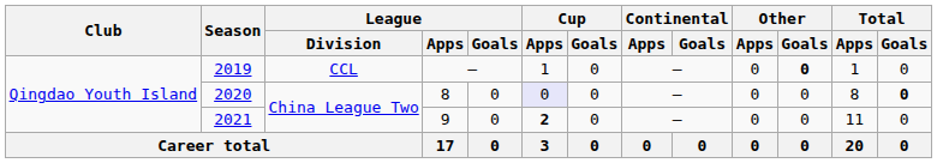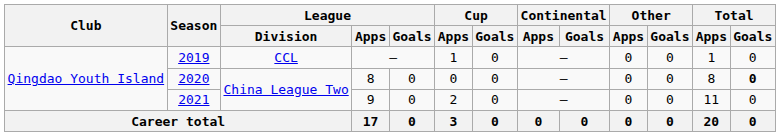 <table class="wikitable" style="text-align: center">
 <tr>
 <th rowspan="2">Club</th>
 <th rowspan="2">Season</th>
 <th colspan="3">League</th>
 <th colspan="2">Cup</th>
 <th colspan="2">Continental</th>
 <th colspan="2">Other</th>
 <th colspan="2">Total</th>
 </tr>
 <tr>
 <th>Division</th>
 <th>Apps</th>
 <th>Goals</th>
 <th>Apps</th>
 <th>Goals</th>
 <th>Apps</th>
 <th>Goals</th>
 <th>Apps</th>
 <th>Goals</th>
 <th>Apps</th>
 <th>Goals</th>
 </tr>
 <tr>
 <td rowspan="3"><a href='#'>Qingdao Youth Island</a></td>
 <td><a href='#'>2019</a></td>
 <td><a href='#'>CCL</a></td>
 <td colspan="2">–</td>
 <td>1</td>
 <td>0</td>
 <td colspan="2">–</td>
 <td>0</td>
-<td><strong>0</strong></td>
+<td>0</td>
 <td>1</td>
 <td>0</td>
 </tr>
 <tr>
 <td><a href='#'>2020</a></td>
 <td rowspan="2"><a href='#'>China League Two</a></td>
 <td>8</td>
 <td>0</td>
-<td style="background: lavender;">0</td>
+<td>0</td>
 <td>0</td>
 <td colspan="2">–</td>
 <td>0</td>
 <td>0</td>
 <td>8</td>
 <td><strong>0</strong></td>
 </tr>
 <tr>
 <td><a href='#'>2021</a></td>
 <td>9</td>
 <td>0</td>
-<td><strong>2</strong></td>
+<td>2</td>
 <td>0</td>
 <td colspan="2">–</td>
 <td>0</td>
 <td>0</td>
 <td>11</td>
 <td>0</td>
 </tr>
 <tr>
 <th colspan=3>Career total</th>
 <th>17</th>
 <th>0</th>
 <th>3</th>
 <th>0</th>
 <th>0</th>
 <th>0</th>
 <th>0</th>
 <th>0</th>
 <th>20</th>
 <th>0</th>
 </tr>
 </table>
